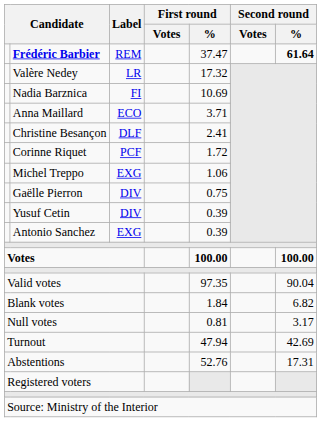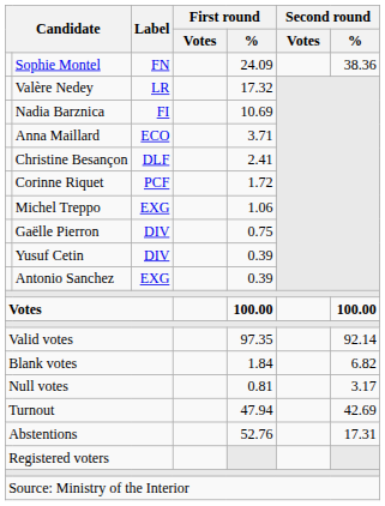 <table class="wikitable" style="text-align:right;font-size:95%;">
 <tr>
 <th rowspan="2" colspan="2">Candidate</th>
 <th rowspan="2">Label</th>
 <th colspan="2">First round</th>
 <th colspan="2">Second round</th>
 </tr>
 <tr>
 <th style="width:50px;">Votes</th>
 <th style="width:45px;">%</th>
 <th style="width:50px;">Votes</th>
 <th style="width:45px;">%</th>
 </tr>
 <tr>
 <td style="color:inherit;background:"></td>
-<td style="text-align:left;"><strong><a href='#'>Frédéric Barbier</a></strong></td>
-<td><a href='#'>REM</a></td>
+<td style="text-align:left;"><a href='#'>Sophie Montel</a></td>
+<td><a href='#'>FN</a></td>
 <td></td>
-<td>37.47</td>
-<td><strong></strong></td>
-<td><strong>61.64</strong></td>
+<td>24.09</td>
+<td></td>
+<td>38.36</td>
 </tr>
 <tr>
 <td style="color:inherit;background:"></td>
 <td style="text-align:left;">Valère Nedey</td>
 <td><a href='#'>LR</a></td>
 <td></td>
 <td>17.32</td>
 <td colspan="2" rowspan="9" style="background:#E9E9E9;"></td>
 </tr>
 <tr>
 <td style="color:inherit;background:"></td>
 <td style="text-align:left;">Nadia Barznica</td>
 <td><a href='#'>FI</a></td>
 <td></td>
 <td>10.69</td>
 </tr>
 <tr>
 <td style="color:inherit;background:"></td>
 <td style="text-align:left;">Anna Maillard</td>
 <td><a href='#'>ECO</a></td>
 <td></td>
 <td>3.71</td>
 </tr>
 <tr>
 <td style="color:inherit;background:"></td>
 <td style="text-align:left;">Christine Besançon</td>
 <td><a href='#'>DLF</a></td>
 <td></td>
 <td>2.41</td>
 </tr>
 <tr>
 <td style="color:inherit;background:"></td>
 <td style="text-align:left;">Corinne Riquet</td>
 <td><a href='#'>PCF</a></td>
 <td></td>
 <td>1.72</td>
 </tr>
 <tr>
 <td style="color:inherit;background:"></td>
 <td style="text-align:left;">Michel Treppo</td>
 <td><a href='#'>EXG</a></td>
 <td></td>
 <td>1.06</td>
 </tr>
 <tr>
 <td style="color:inherit;background:"></td>
 <td style="text-align:left;">Gaëlle Pierron</td>
 <td><a href='#'>DIV</a></td>
 <td></td>
 <td>0.75</td>
 </tr>
 <tr>
 <td style="color:inherit;background:"></td>
 <td style="text-align:left;">Yusuf Cetin</td>
 <td><a href='#'>DIV</a></td>
 <td></td>
 <td>0.39</td>
 </tr>
 <tr>
 <td style="color:inherit;background:"></td>
 <td style="text-align:left;">Antonio Sanchez</td>
 <td><a href='#'>EXG</a></td>
 <td></td>
 <td>0.39</td>
 </tr>
 <tr>
 <td colspan="7" style="background:#E9E9E9;"></td>
 </tr>
 <tr style="font-weight:bold;">
 <td colspan="3" style="text-align:left;">Votes</td>
 <td></td>
 <td>100.00</td>
 <td></td>
 <td>100.00</td>
 </tr>
 <tr>
 <td colspan="7" style="background:#E9E9E9;"></td>
 </tr>
 <tr>
 <td colspan="3" style="text-align:left;">Valid votes</td>
 <td></td>
 <td>97.35</td>
 <td></td>
-<td>90.04</td>
+<td>92.14</td>
 </tr>
 <tr>
 <td colspan="3" style="text-align:left;">Blank votes</td>
 <td></td>
 <td>1.84</td>
 <td></td>
 <td>6.82</td>
 </tr>
 <tr>
 <td colspan="3" style="text-align:left;">Null votes</td>
 <td></td>
 <td>0.81</td>
 <td></td>
 <td>3.17</td>
 </tr>
 <tr>
 <td colspan="3" style="text-align:left;">Turnout</td>
 <td></td>
 <td>47.94</td>
 <td></td>
 <td>42.69</td>
 </tr>
 <tr>
 <td colspan="3" style="text-align:left;">Abstentions</td>
 <td></td>
 <td>52.76</td>
 <td></td>
 <td>17.31</td>
 </tr>
 <tr>
 <td colspan="3" style="text-align:left;">Registered voters</td>
 <td></td>
 <td style="color:inherit;background:#E9E9E9;"></td>
 <td></td>
 <td style="color:inherit;background:#E9E9E9;"></td>
 </tr>
 <tr>
 <td colspan="7" style="background:#E9E9E9;"></td>
 </tr>
 <tr>
 <td colspan="7" style="text-align:left;">Source: Ministry of the Interior</td>
 </tr>
 </table>
